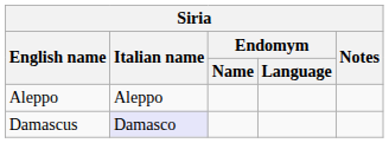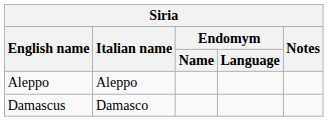 <table class="wikitable sortable">
 <tr>
 <th colspan="5"> Siria</th>
 </tr>
 <tr>
 <th rowspan="2">English name</th>
 <th rowspan="2">Italian name</th>
 <th colspan="2">Endomym</th>
 <th rowspan="2">Notes</th>
 </tr>
 <tr>
 <th>Name</th>
 <th>Language</th>
 </tr>
 <tr>
 <td>Aleppo</td>
 <td>Aleppo</td>
 <td></td>
 <td></td>
 <td></td>
 </tr>
 <tr>
 <td>Damascus</td>
-<td style="background: lavender;">Damasco</td>
+<td>Damasco</td>
 <td></td>
 <td></td>
 <td></td>
 </tr>
 </table>
